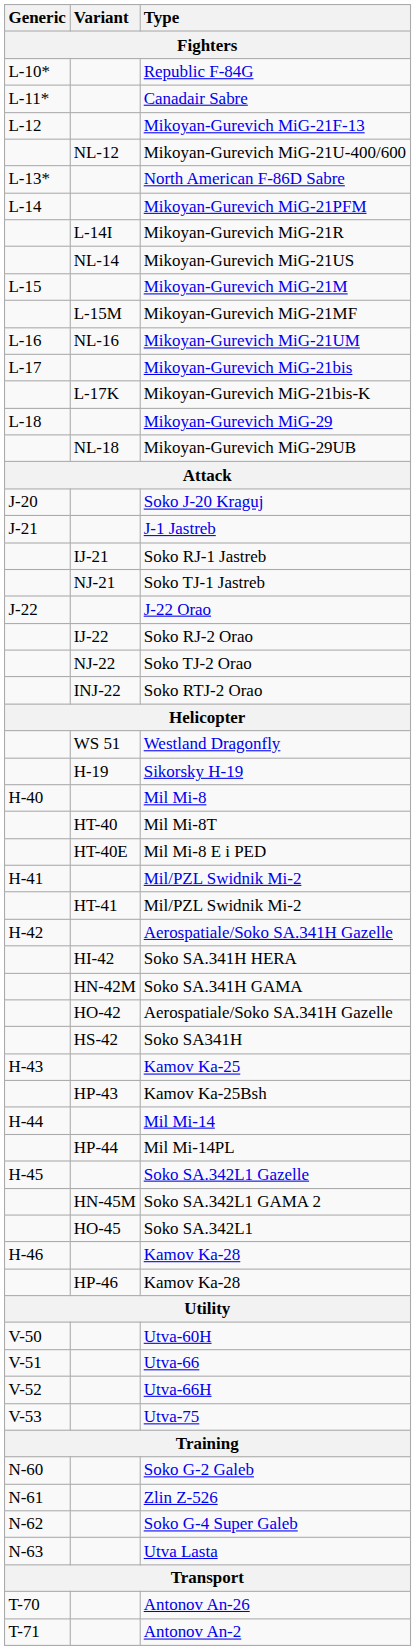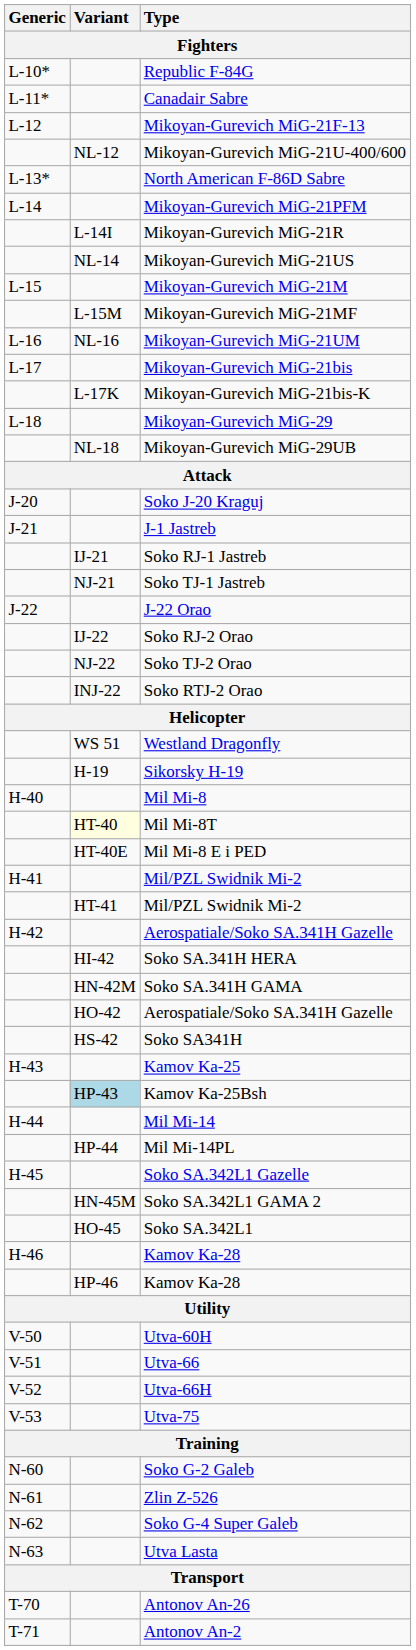 <table class="wikitable">
 <tr>
 <th style="text-align:left;">Generic</th>
 <th style="text-align:left;">Variant</th>
 <th style="text-align:left;">Type</th>
 </tr>
 <tr>
 <th style="" colspan="3">Fighters</th>
 </tr>
 <tr>
 <td>L-10*</td>
 <td></td>
 <td><a href='#'>Republic F-84G</a></td>
 </tr>
 <tr>
 <td>L-11*</td>
 <td></td>
 <td><a href='#'>Canadair Sabre</a></td>
 </tr>
 <tr>
 <td>L-12</td>
 <td></td>
 <td><a href='#'>Mikoyan-Gurevich MiG-21F-13</a></td>
 </tr>
 <tr>
 <td></td>
 <td>NL-12</td>
 <td>Mikoyan-Gurevich MiG-21U-400/600</td>
 </tr>
 <tr>
 <td>L-13*</td>
 <td></td>
 <td><a href='#'>North American F-86D Sabre</a></td>
 </tr>
 <tr>
 <td>L-14</td>
 <td></td>
 <td><a href='#'>Mikoyan-Gurevich MiG-21PFM</a></td>
 </tr>
 <tr>
 <td></td>
 <td>L-14I</td>
 <td>Mikoyan-Gurevich MiG-21R</td>
 </tr>
 <tr>
 <td></td>
 <td>NL-14</td>
 <td>Mikoyan-Gurevich MiG-21US</td>
 </tr>
 <tr>
 <td>L-15</td>
 <td></td>
 <td><a href='#'>Mikoyan-Gurevich MiG-21M</a></td>
 </tr>
 <tr>
 <td></td>
 <td>L-15M</td>
 <td>Mikoyan-Gurevich MiG-21MF</td>
 </tr>
 <tr>
 <td>L-16</td>
 <td>NL-16</td>
 <td><a href='#'>Mikoyan-Gurevich MiG-21UM</a></td>
 </tr>
 <tr>
 <td>L-17</td>
 <td></td>
 <td><a href='#'>Mikoyan-Gurevich MiG-21bis</a></td>
 </tr>
 <tr>
 <td></td>
 <td>L-17K</td>
 <td>Mikoyan-Gurevich MiG-21bis-K</td>
 </tr>
 <tr>
 <td>L-18</td>
 <td></td>
 <td><a href='#'>Mikoyan-Gurevich MiG-29</a></td>
 </tr>
 <tr>
 <td></td>
 <td>NL-18</td>
 <td>Mikoyan-Gurevich MiG-29UB</td>
 </tr>
 <tr>
 <th style="" colspan="3">Attack</th>
 </tr>
 <tr>
 <td>J-20</td>
 <td></td>
 <td><a href='#'>Soko J-20 Kraguj</a></td>
 </tr>
 <tr>
 <td>J-21</td>
 <td></td>
 <td><a href='#'>J-1 Jastreb</a></td>
 </tr>
 <tr>
 <td></td>
 <td>IJ-21</td>
 <td>Soko RJ-1 Jastreb</td>
 </tr>
 <tr>
 <td></td>
 <td>NJ-21</td>
 <td>Soko TJ-1 Jastreb</td>
 </tr>
 <tr>
 <td>J-22</td>
 <td></td>
 <td><a href='#'>J-22 Orao</a></td>
 </tr>
 <tr>
 <td></td>
 <td>IJ-22</td>
 <td>Soko RJ-2 Orao</td>
 </tr>
 <tr>
 <td></td>
 <td>NJ-22</td>
 <td>Soko TJ-2 Orao</td>
 </tr>
 <tr>
 <td></td>
 <td>INJ-22</td>
 <td>Soko RTJ-2 Orao</td>
 </tr>
 <tr>
 <th style="" colspan="3">Helicopter</th>
 </tr>
 <tr>
 <td></td>
 <td>WS 51</td>
 <td><a href='#'>Westland Dragonfly</a></td>
 </tr>
 <tr>
 <td></td>
 <td>H-19</td>
 <td><a href='#'>Sikorsky H-19</a></td>
 </tr>
 <tr>
 <td>H-40</td>
 <td></td>
 <td><a href='#'>Mil Mi-8</a></td>
 </tr>
 <tr>
 <td></td>
-<td>HT-40</td>
+<td style="background: lightyellow;">HT-40</td>
 <td>Mil Mi-8T</td>
 </tr>
 <tr>
 <td></td>
 <td>HT-40E</td>
 <td>Mil Mi-8 E i PED</td>
 </tr>
 <tr>
 <td>H-41</td>
 <td></td>
 <td><a href='#'>Mil/PZL Swidnik Mi-2</a></td>
 </tr>
 <tr>
 <td></td>
 <td>HT-41</td>
 <td>Mil/PZL Swidnik Mi-2</td>
 </tr>
 <tr>
 <td>H-42</td>
 <td></td>
 <td><a href='#'>Aerospatiale/Soko SA.341H Gazelle</a></td>
 </tr>
 <tr>
 <td></td>
 <td>HI-42</td>
 <td>Soko SA.341H HERA</td>
 </tr>
 <tr>
 <td></td>
 <td>HN-42M</td>
 <td>Soko SA.341H GAMA</td>
 </tr>
 <tr>
 <td></td>
 <td>HO-42</td>
 <td>Aerospatiale/Soko SA.341H Gazelle</td>
 </tr>
 <tr>
 <td></td>
 <td>HS-42</td>
 <td>Soko SA341H</td>
 </tr>
 <tr>
 <td>H-43</td>
 <td></td>
 <td><a href='#'>Kamov Ka-25</a></td>
 </tr>
 <tr>
 <td></td>
-<td>HP-43</td>
+<td style="background: lightblue;">HP-43</td>
 <td>Kamov Ka-25Bsh</td>
 </tr>
 <tr>
 <td>H-44</td>
 <td></td>
 <td><a href='#'>Mil Mi-14</a></td>
 </tr>
 <tr>
 <td></td>
 <td>HP-44</td>
 <td>Mil Mi-14PL</td>
 </tr>
 <tr>
 <td>H-45</td>
 <td></td>
 <td><a href='#'>Soko SA.342L1 Gazelle</a></td>
 </tr>
 <tr>
 <td></td>
 <td>HN-45M</td>
 <td>Soko SA.342L1 GAMA 2</td>
 </tr>
 <tr>
 <td></td>
 <td>HO-45</td>
 <td>Soko SA.342L1</td>
 </tr>
 <tr>
 <td>H-46</td>
 <td></td>
 <td><a href='#'>Kamov Ka-28</a></td>
 </tr>
 <tr>
 <td></td>
 <td>HP-46</td>
 <td>Kamov Ka-28</td>
 </tr>
 <tr>
 <th style="" colspan="3">Utility</th>
 </tr>
 <tr>
 <td>V-50</td>
 <td></td>
 <td><a href='#'>Utva-60H</a></td>
 </tr>
 <tr>
 <td>V-51</td>
 <td></td>
 <td><a href='#'>Utva-66</a></td>
 </tr>
 <tr>
 <td>V-52</td>
 <td></td>
 <td><a href='#'>Utva-66H</a></td>
 </tr>
 <tr>
 <td>V-53</td>
 <td></td>
 <td><a href='#'>Utva-75</a></td>
 </tr>
 <tr>
 <th style="" colspan="3">Training</th>
 </tr>
 <tr>
 <td>N-60</td>
 <td></td>
 <td><a href='#'>Soko G-2 Galeb</a></td>
 </tr>
 <tr>
 <td>N-61</td>
 <td></td>
 <td><a href='#'>Zlin Z-526</a></td>
 </tr>
 <tr>
 <td>N-62</td>
 <td></td>
 <td><a href='#'>Soko G-4 Super Galeb</a></td>
 </tr>
 <tr>
 <td>N-63</td>
 <td></td>
 <td><a href='#'>Utva Lasta</a></td>
 </tr>
 <tr>
 <th style="" colspan="3">Transport</th>
 </tr>
 <tr>
 <td>T-70</td>
 <td></td>
 <td><a href='#'>Antonov An-26</a></td>
 </tr>
 <tr>
 <td>T-71</td>
 <td></td>
 <td><a href='#'>Antonov An-2</a></td>
 </tr>
 </table>
